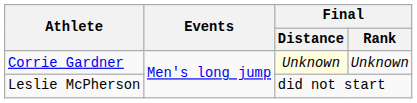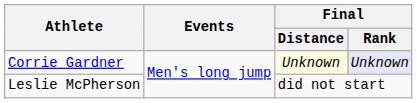 <table class=wikitable style="font-size:90%">
 <tr>
 <th rowspan="2">Athlete</th>
 <th rowspan="2">Events</th>
 <th colspan="2">Final</th>
 </tr>
 <tr>
 <th>Distance</th>
 <th>Rank</th>
 </tr>
 <tr>
 <td><a href='#'>Corrie Gardner</a></td>
 <td rowspan=2><a href='#'>Men's long jump</a></td>
 <td align="center" style="background: lightyellow;"><em>Unknown</em></td>
-<td align="center"><em>Unknown</em></td>
+<td align="center" style="background: lavender;"><em>Unknown</em></td>
 </tr>
 <tr>
 <td>Leslie McPherson</td>
 <td colspan=2>did not start</td>
 </tr>
 </table>
